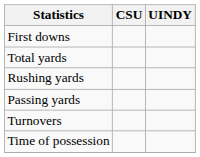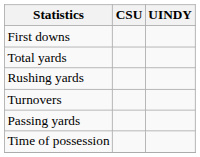 <table class="wikitable" style="float: left;">
 <tr>
 <th>Statistics</th>
 <th>CSU</th>
 <th>UINDY</th>
 </tr>
 <tr>
 <td>First downs</td>
 <td></td>
 <td></td>
 </tr>
 <tr>
 <td>Total yards</td>
 <td></td>
 <td></td>
 </tr>
 <tr>
 <td>Rushing yards</td>
 <td></td>
 <td></td>
 </tr>
 <tr>
-<td>Passing yards</td>
+<td>Turnovers</td>
 <td></td>
 <td></td>
 </tr>
 <tr>
-<td>Turnovers</td>
+<td>Passing yards</td>
 <td></td>
 <td></td>
 </tr>
 <tr>
 <td>Time of possession</td>
 <td></td>
 <td></td>
 </tr>
 <tr>
 </tr>
 </table>
